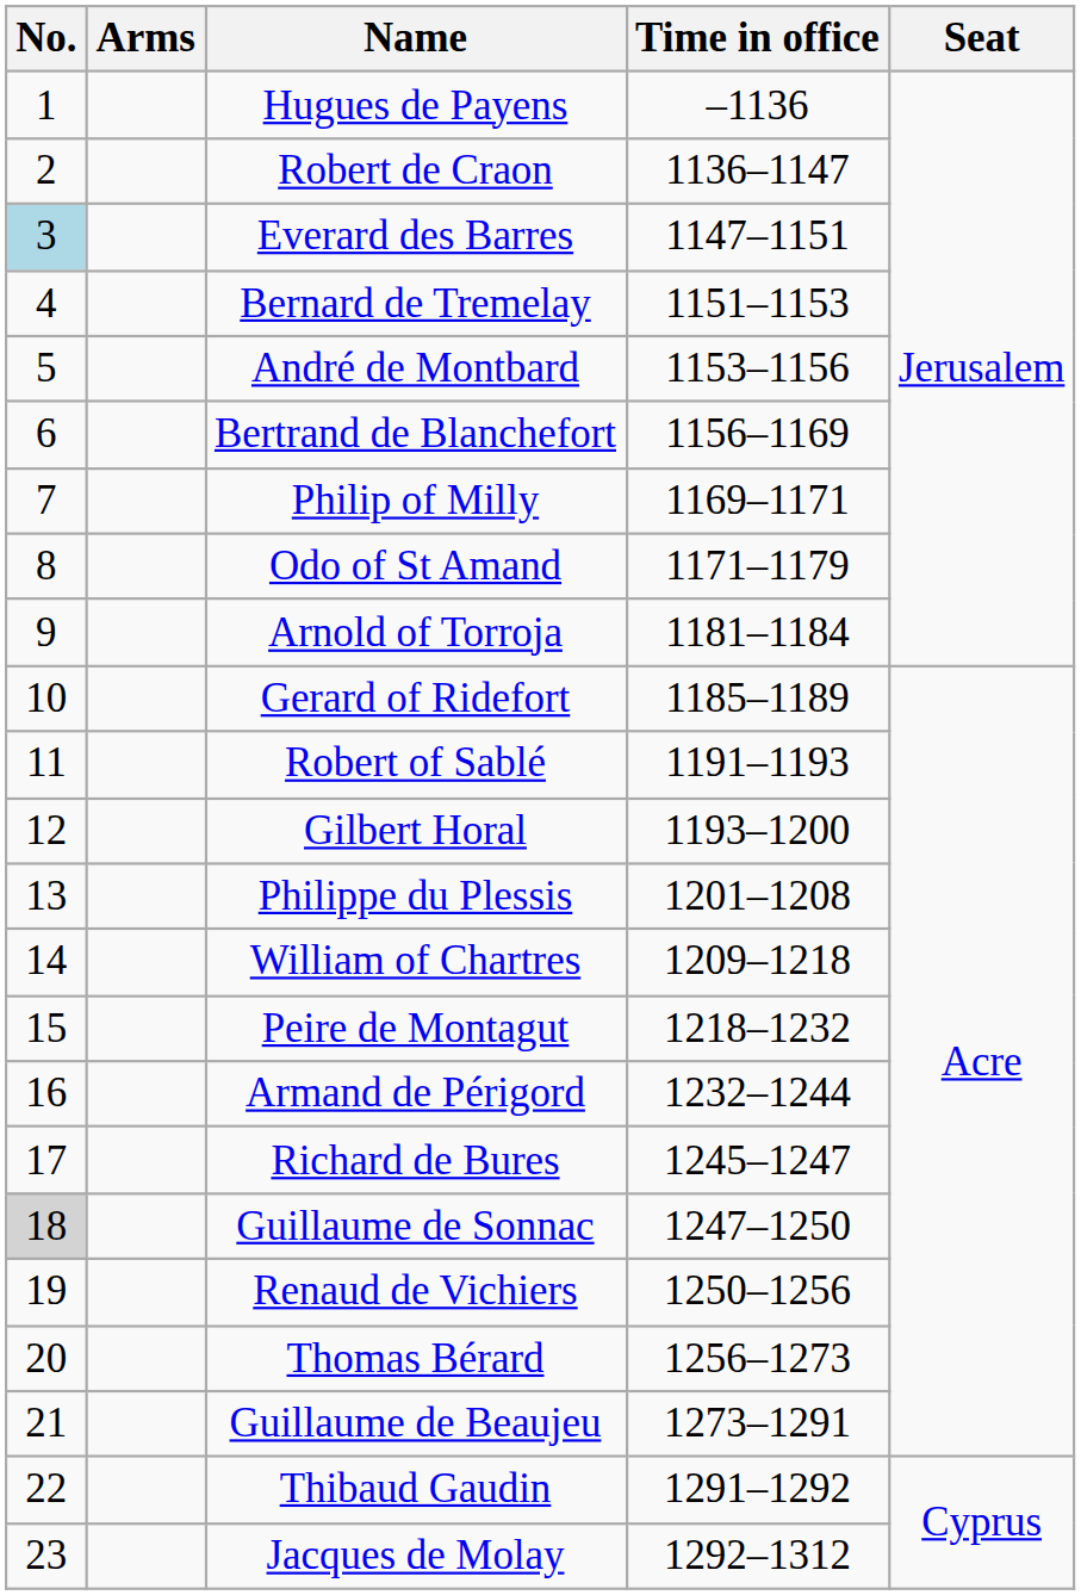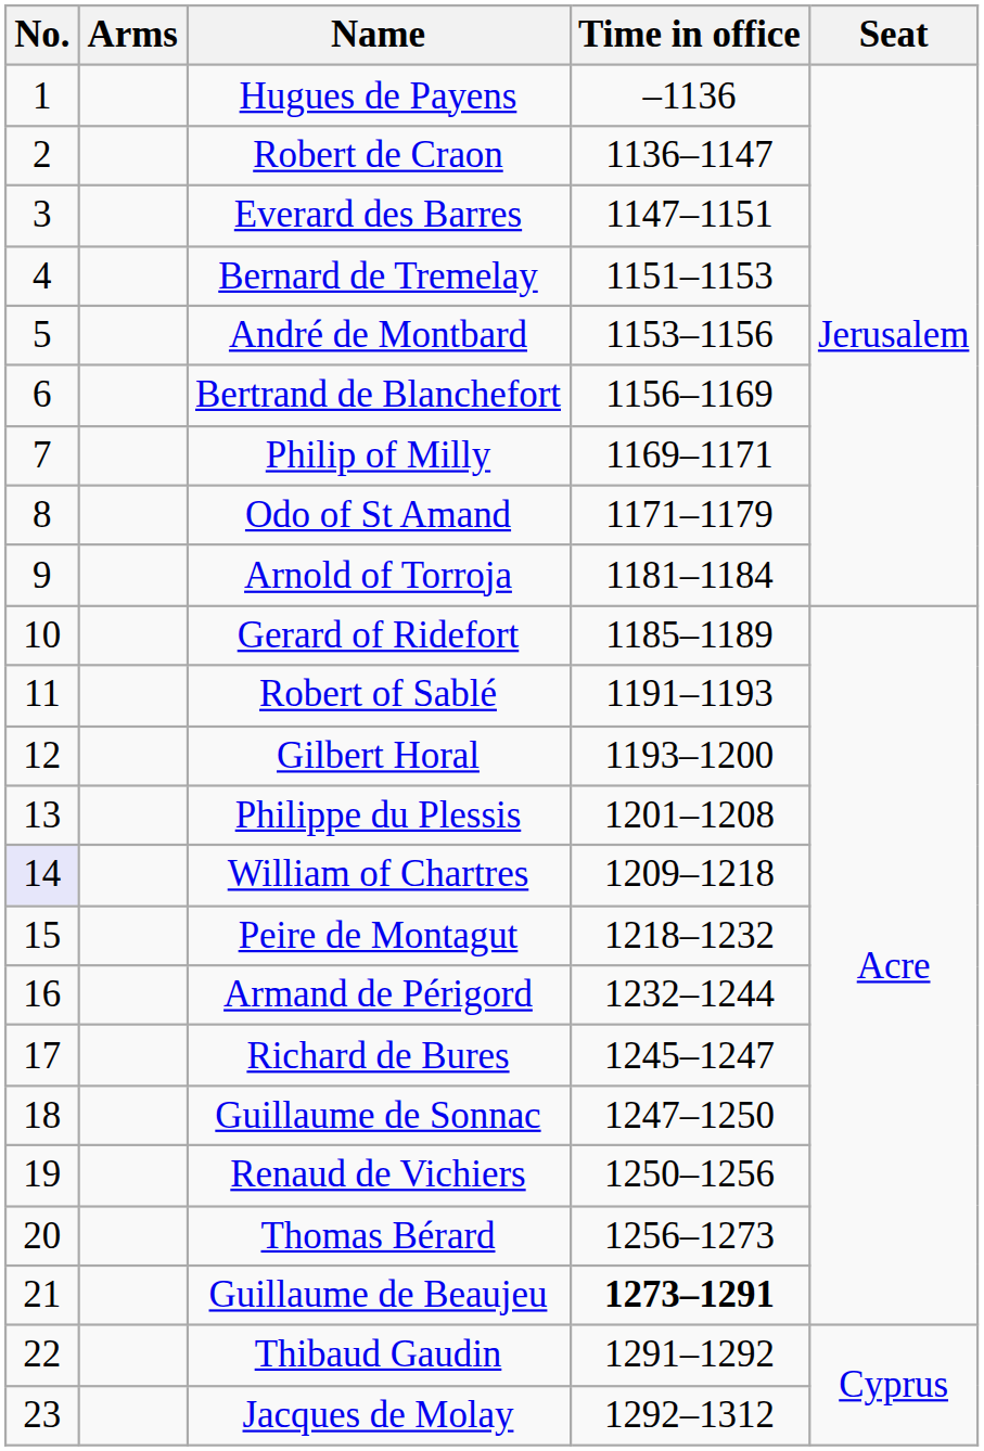 <table class="wikitable" style="text-align:center;">
 <tr>
 <th>No.</th>
 <th>Arms</th>
 <th>Name</th>
 <th>Time in office</th>
 <th>Seat</th>
 </tr>
 <tr>
 <td>1</td>
 <td></td>
 <td><a href='#'>Hugues de Payens</a></td>
 <td>–1136</td>
 <td rowspan=9><a href='#'>Jerusalem</a><br></td>
 </tr>
 <tr>
 <td>2</td>
 <td></td>
 <td><a href='#'>Robert de Craon</a></td>
 <td>1136–1147</td>
 </tr>
 <tr>
-<td style="background: lightblue;">3</td>
+<td>3</td>
 <td></td>
 <td><a href='#'>Everard des Barres</a></td>
 <td>1147–1151</td>
 </tr>
 <tr>
 <td>4</td>
 <td></td>
 <td><a href='#'>Bernard de Tremelay</a><br></td>
 <td>1151–1153</td>
 </tr>
 <tr>
 <td>5</td>
 <td></td>
 <td><a href='#'>André de Montbard</a></td>
 <td>1153–1156</td>
 </tr>
 <tr>
 <td>6</td>
 <td></td>
 <td><a href='#'>Bertrand de Blanchefort</a></td>
 <td>1156–1169</td>
 </tr>
 <tr>
 <td>7</td>
 <td></td>
 <td><a href='#'>Philip of Milly</a></td>
 <td>1169–1171</td>
 </tr>
 <tr>
 <td>8</td>
 <td></td>
 <td><a href='#'>Odo of St Amand</a><br></td>
 <td>1171–1179</td>
 </tr>
 <tr>
 <td>9</td>
 <td></td>
 <td><a href='#'>Arnold of Torroja</a></td>
 <td>1181–1184</td>
 </tr>
 <tr>
 <td>10</td>
 <td></td>
 <td><a href='#'>Gerard of Ridefort</a><br></td>
 <td>1185–1189</td>
 <td rowspan=12><a href='#'>Acre</a><br></td>
 </tr>
 <tr>
 <td>11</td>
 <td></td>
 <td><a href='#'>Robert of Sablé</a></td>
 <td>1191–1193</td>
 </tr>
 <tr>
 <td>12</td>
 <td></td>
 <td><a href='#'>Gilbert Horal</a></td>
 <td>1193–1200</td>
 </tr>
 <tr>
 <td>13</td>
 <td></td>
 <td><a href='#'>Philippe du Plessis</a></td>
 <td>1201–1208</td>
 </tr>
 <tr>
-<td>14</td>
+<td style="background: lavender;">14</td>
 <td></td>
 <td><a href='#'>William of Chartres</a></td>
 <td>1209–1218</td>
 </tr>
 <tr>
 <td>15</td>
 <td></td>
 <td><a href='#'>Peire de Montagut</a></td>
 <td>1218–1232</td>
 </tr>
 <tr>
 <td>16</td>
 <td></td>
 <td><a href='#'>Armand de Périgord</a><br></td>
 <td>1232–1244</td>
 </tr>
 <tr>
 <td>17</td>
 <td></td>
 <td><a href='#'>Richard de Bures</a></td>
 <td>1245–1247</td>
 </tr>
 <tr>
-<td style="background: lightgrey;">18</td>
+<td>18</td>
 <td></td>
 <td><a href='#'>Guillaume de Sonnac</a><br></td>
 <td>1247–1250</td>
 </tr>
 <tr>
 <td>19</td>
 <td></td>
 <td><a href='#'>Renaud de Vichiers</a></td>
 <td>1250–1256</td>
 </tr>
 <tr>
 <td>20</td>
 <td></td>
 <td><a href='#'>Thomas Bérard</a></td>
 <td>1256–1273</td>
 </tr>
 <tr>
 <td>21</td>
 <td></td>
 <td><a href='#'>Guillaume de Beaujeu</a><br></td>
-<td>1273–1291</td>
+<td><strong>1273–1291</strong></td>
 </tr>
 <tr>
 <td>22</td>
 <td></td>
 <td><a href='#'>Thibaud Gaudin</a></td>
 <td>1291–1292</td>
 <td rowspan=2><a href='#'>Cyprus</a><br></td>
 </tr>
 <tr>
 <td>23</td>
 <td></td>
 <td><a href='#'>Jacques de Molay</a></td>
 <td>1292–1312</td>
 </tr>
 </table>
